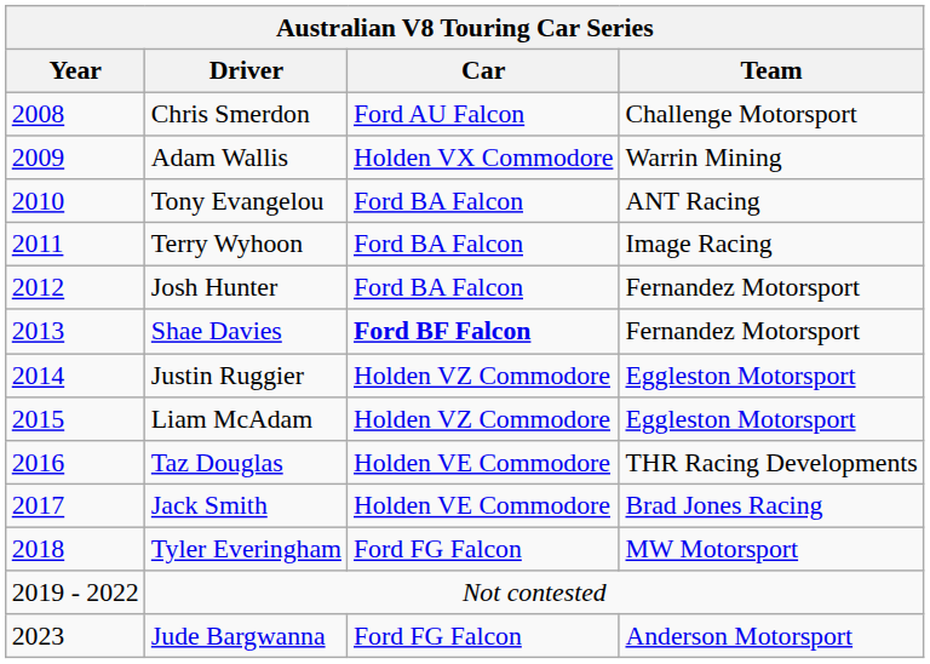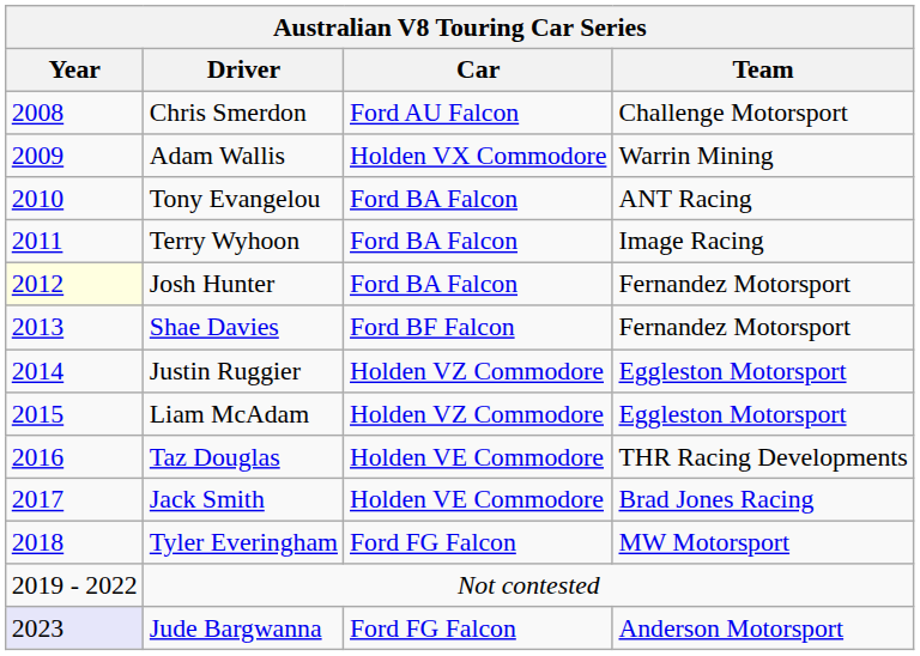 <table class="wikitable" style="font-size: 95%">
 <tr>
 <th colspan=4>Australian V8 Touring Car Series</th>
 </tr>
 <tr>
 <th>Year</th>
 <th>Driver</th>
 <th>Car</th>
 <th>Team</th>
 </tr>
 <tr>
 <td><a href='#'>2008</a></td>
 <td>Chris Smerdon</td>
 <td><a href='#'>Ford AU Falcon</a></td>
 <td>Challenge Motorsport</td>
 </tr>
 <tr>
 <td><a href='#'>2009</a></td>
 <td>Adam Wallis</td>
 <td><a href='#'>Holden VX Commodore</a></td>
 <td>Warrin Mining</td>
 </tr>
 <tr>
 <td><a href='#'>2010</a></td>
 <td>Tony Evangelou</td>
 <td><a href='#'>Ford BA Falcon</a></td>
 <td>ANT Racing</td>
 </tr>
 <tr>
 <td><a href='#'>2011</a></td>
 <td>Terry Wyhoon</td>
 <td><a href='#'>Ford BA Falcon</a></td>
 <td>Image Racing</td>
 </tr>
 <tr>
-<td><a href='#'>2012</a></td>
+<td style="background: lightyellow;"><a href='#'>2012</a></td>
 <td>Josh Hunter</td>
 <td><a href='#'>Ford BA Falcon</a></td>
 <td>Fernandez Motorsport</td>
 </tr>
 <tr>
 <td><a href='#'>2013</a></td>
 <td><a href='#'>Shae Davies</a></td>
-<td><strong><a href='#'>Ford BF Falcon</a></strong></td>
+<td><a href='#'>Ford BF Falcon</a></td>
 <td>Fernandez Motorsport</td>
 </tr>
 <tr>
 <td><a href='#'>2014</a></td>
 <td>Justin Ruggier</td>
 <td><a href='#'>Holden VZ Commodore</a></td>
 <td><a href='#'>Eggleston Motorsport</a></td>
 </tr>
 <tr>
 <td><a href='#'>2015</a></td>
 <td>Liam McAdam</td>
 <td><a href='#'>Holden VZ Commodore</a></td>
 <td><a href='#'>Eggleston Motorsport</a></td>
 </tr>
 <tr>
 <td><a href='#'>2016</a></td>
 <td><a href='#'>Taz Douglas</a></td>
 <td><a href='#'>Holden VE Commodore</a></td>
 <td>THR Racing Developments</td>
 </tr>
 <tr>
 <td><a href='#'>2017</a></td>
 <td><a href='#'>Jack Smith</a></td>
 <td><a href='#'>Holden VE Commodore</a></td>
 <td><a href='#'>Brad Jones Racing</a></td>
 </tr>
 <tr>
 <td><a href='#'>2018</a></td>
 <td><a href='#'>Tyler Everingham</a></td>
 <td><a href='#'>Ford FG Falcon</a></td>
 <td><a href='#'>MW Motorsport</a></td>
 </tr>
 <tr>
 <td>2019 - 2022</td>
 <td colspan=3 align="center"><em>Not contested</em></td>
 </tr>
 <tr>
-<td>2023 </td>
+<td style="background: lavender;">2023 </td>
 <td><a href='#'>Jude Bargwanna</a></td>
 <td><a href='#'>Ford FG Falcon</a></td>
 <td><a href='#'>Anderson Motorsport</a></td>
 </tr>
 </table>
